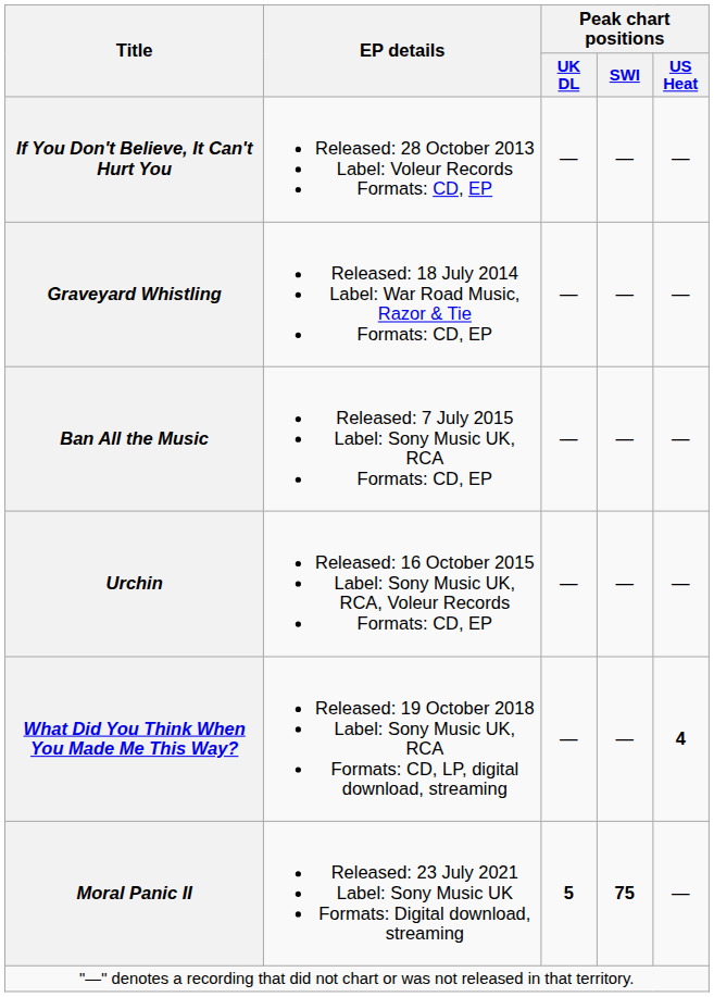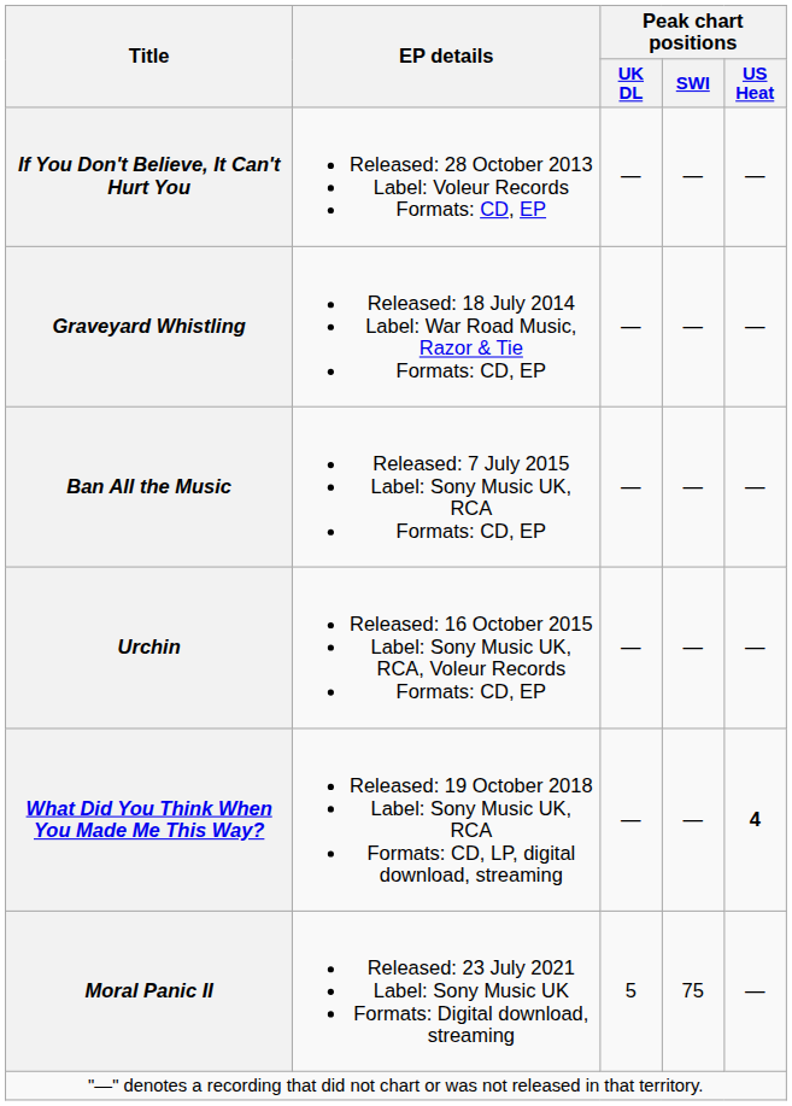 <table class="wikitable plainrowheaders" style="text-align:center;">
 <tr>
 <th scope="col" rowspan="2" style="width:14em;">Title</th>
 <th scope="col" rowspan="2" style="width:15em;">EP details</th>
 <th scope="col" colspan="3">Peak chart positions</th>
 </tr>
 <tr>
 <th scope="col" style="width:3em;font-size:90%;"><a href='#'>UK<br>DL</a><br></th>
 <th scope="col" style="width:3em;font-size:90%;"><a href='#'>SWI</a><br></th>
 <th scope="col" style="width:3em;font-size:90%;"><a href='#'>US<br>Heat</a><br></th>
 </tr>
 <tr>
 <th scope="row"><em>If You Don't Believe, It Can't Hurt You</em></th>
 <td><br><ul><li>Released: 28 October 2013</li><li>Label: Voleur Records</li><li>Formats: <a href='#'>CD</a>, <a href='#'>EP</a></li></ul></td>
 <td>—</td>
 <td>—</td>
 <td>—</td>
 </tr>
 <tr>
 <th scope="row"><em>Graveyard Whistling</em></th>
 <td><br><ul><li>Released: 18 July 2014</li><li>Label: War Road Music, <a href='#'>Razor & Tie</a></li><li>Formats: CD, EP</li></ul></td>
 <td>—</td>
 <td>—</td>
 <td>—</td>
 </tr>
 <tr>
 <th scope="row"><em>Ban All the Music</em></th>
 <td><br><ul><li>Released: 7 July 2015</li><li>Label: Sony Music UK, RCA</li><li>Formats: CD, EP</li></ul></td>
 <td>—</td>
 <td>—</td>
 <td>—</td>
 </tr>
 <tr>
 <th scope="row"><em>Urchin</em></th>
 <td><br><ul><li>Released: 16 October 2015</li><li>Label: Sony Music UK, RCA, Voleur Records</li><li>Formats: CD, EP</li></ul></td>
 <td>—</td>
 <td>—</td>
 <td>—</td>
 </tr>
 <tr>
 <th scope="row"><em><a href='#'>What Did You Think When You Made Me This Way?</a></em></th>
 <td><br><ul><li>Released: 19 October 2018</li><li>Label: Sony Music UK, RCA</li><li>Formats: CD, LP, digital download, streaming</li></ul></td>
 <td>—</td>
 <td>—</td>
 <td><strong>4</strong></td>
 </tr>
 <tr>
 <th scope="row"><em>Moral Panic II</em></th>
 <td><br><ul><li>Released: 23 July 2021</li><li>Label: Sony Music UK</li><li>Formats: Digital download, streaming</li></ul></td>
-<td><strong>5</strong></td>
-<td><strong>75</strong></td>
+<td>5</td>
+<td>75</td>
 <td>—</td>
 </tr>
 <tr>
 <td colspan="14" style="font-size:90%">"—" denotes a recording that did not chart or was not released in that territory.</td>
 </tr>
 </table>
